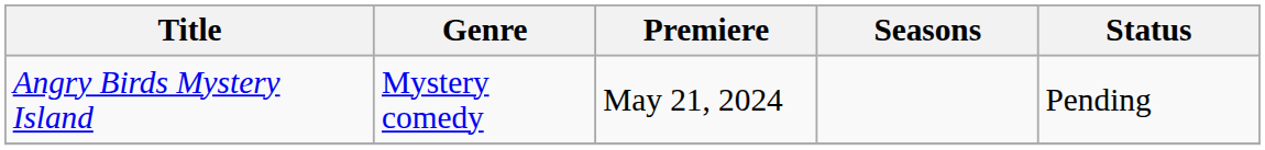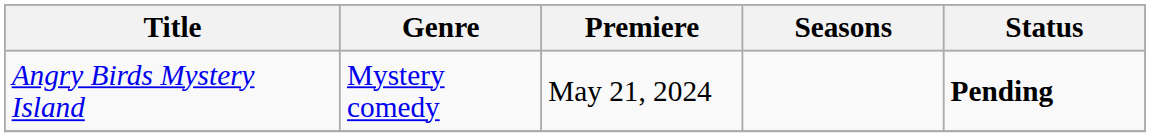 <table style="width:100%;" class="wikitable sortable">
 <tr>
 <th style="width:25%;">Title</th>
 <th style="width:15%;">Genre</th>
 <th style="width:15%;">Premiere</th>
 <th style="width:15%;">Seasons</th>
 <th style="width:15%;">Status</th>
 </tr>
 <tr>
 <td><em><a href='#'>Angry Birds Mystery Island</a></em></td>
 <td><a href='#'>Mystery</a> <a href='#'>comedy</a></td>
 <td>May 21, 2024</td>
 <td></td>
-<td>Pending</td>
+<td><strong>Pending</strong></td>
 </tr>
 <tr>
 </tr>
 </table>
